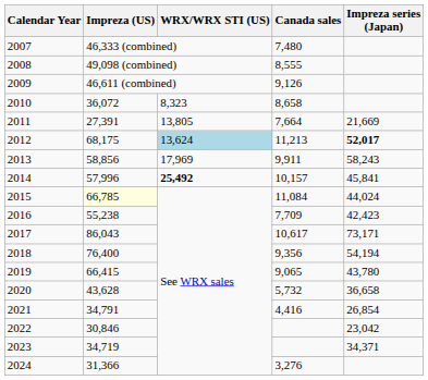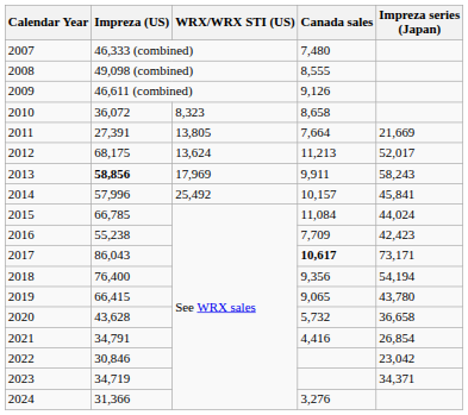 <table class="wikitable">
 <tr>
 <th>Calendar Year</th>
 <th>Impreza (US)</th>
 <th>WRX/WRX STI (US)</th>
 <th>Canada sales</th>
 <th>Impreza series<br>(Japan)</th>
 </tr>
 <tr>
 <td>2007</td>
 <td colspan="2">46,333 (combined)</td>
 <td>7,480</td>
 <td></td>
 </tr>
 <tr>
 <td>2008</td>
 <td colspan="2">49,098 (combined)</td>
 <td>8,555</td>
 <td></td>
 </tr>
 <tr>
 <td>2009</td>
 <td colspan="2">46,611 (combined)</td>
 <td>9,126</td>
 <td></td>
 </tr>
 <tr>
 <td>2010</td>
 <td>36,072</td>
 <td>8,323</td>
 <td>8,658</td>
 <td></td>
 </tr>
 <tr>
 <td>2011</td>
 <td>27,391</td>
 <td>13,805</td>
 <td>7,664</td>
 <td>21,669</td>
 </tr>
 <tr>
 <td>2012</td>
 <td>68,175</td>
-<td style="background: lightblue;">13,624</td>
+<td>13,624</td>
 <td>11,213</td>
-<td><strong>52,017</strong></td>
+<td>52,017</td>
 </tr>
 <tr>
 <td>2013</td>
-<td>58,856</td>
+<td><strong>58,856</strong></td>
 <td>17,969</td>
 <td>9,911</td>
 <td>58,243</td>
 </tr>
 <tr>
 <td>2014</td>
 <td>57,996</td>
-<td><strong>25,492</strong></td>
+<td>25,492</td>
 <td>10,157</td>
 <td>45,841</td>
 </tr>
 <tr>
 <td>2015</td>
-<td style="background: lightyellow;">66,785</td>
+<td>66,785</td>
 <td rowspan=10>See <a href='#'>WRX sales</a></td>
 <td>11,084</td>
 <td>44,024</td>
 </tr>
 <tr>
 <td>2016</td>
 <td>55,238</td>
 <td>7,709</td>
 <td>42,423</td>
 </tr>
 <tr>
 <td>2017</td>
 <td>86,043</td>
-<td>10,617</td>
+<td><strong>10,617</strong></td>
 <td>73,171</td>
 </tr>
 <tr>
 <td>2018</td>
 <td>76,400</td>
 <td>9,356</td>
 <td>54,194</td>
 </tr>
 <tr>
 <td>2019</td>
 <td>66,415</td>
 <td>9,065</td>
 <td>43,780</td>
 </tr>
 <tr>
 <td>2020</td>
 <td>43,628</td>
 <td>5,732</td>
 <td>36,658</td>
 </tr>
 <tr>
 <td>2021</td>
 <td>34,791</td>
 <td>4,416</td>
 <td>26,854</td>
 </tr>
 <tr>
 <td>2022</td>
 <td>30,846</td>
 <td></td>
 <td>23,042</td>
 </tr>
 <tr>
 <td>2023</td>
 <td>34,719</td>
 <td></td>
 <td>34,371</td>
 </tr>
 <tr>
 <td>2024</td>
 <td>31,366</td>
 <td>3,276</td>
 <td></td>
 </tr>
 </table>
